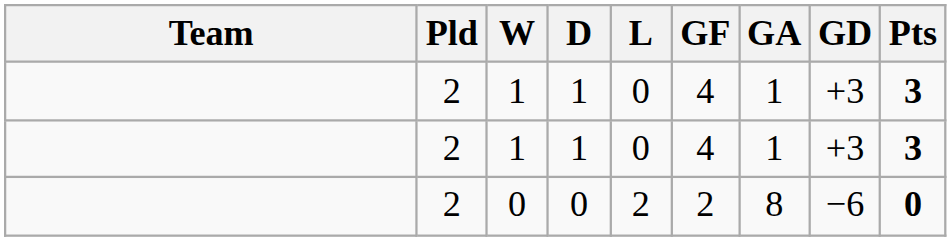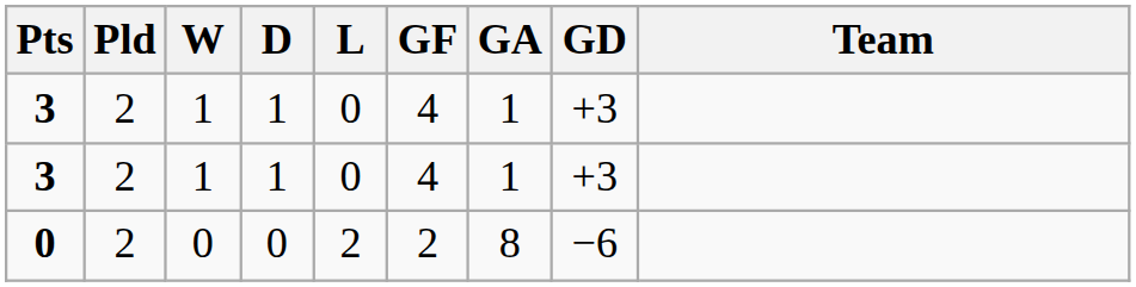 <table class="wikitable" style="text-align: center;">
 <tr>
-<th width=175>Team</th>
+<th width=20>Pts</th>
 <th width=20>Pld</th>
 <th width=20>W</th>
 <th width=20>D</th>
 <th width=20>L</th>
 <th width=20>GF</th>
 <th width=20>GA</th>
 <th width=20>GD</th>
-<th width=20>Pts</th>
+<th width=175>Team</th>
 </tr>
 <tr>
-<td align="left"></td>
+<td><strong>3</strong></td>
 <td>2</td>
 <td>1</td>
 <td>1</td>
 <td>0</td>
 <td>4</td>
 <td>1</td>
 <td>+3</td>
-<td><strong>3</strong></td>
+<td align="left"></td>
 </tr>
 <tr>
-<td align="left"></td>
+<td><strong>3</strong></td>
 <td>2</td>
 <td>1</td>
 <td>1</td>
 <td>0</td>
 <td>4</td>
 <td>1</td>
 <td>+3</td>
-<td><strong>3</strong></td>
+<td align="left"></td>
 </tr>
 <tr>
-<td align="left"></td>
+<td><strong>0</strong></td>
 <td>2</td>
 <td>0</td>
 <td>0</td>
 <td>2</td>
 <td>2</td>
 <td>8</td>
 <td>−6</td>
-<td><strong>0</strong></td>
+<td align="left"></td>
 </tr>
 </table>
